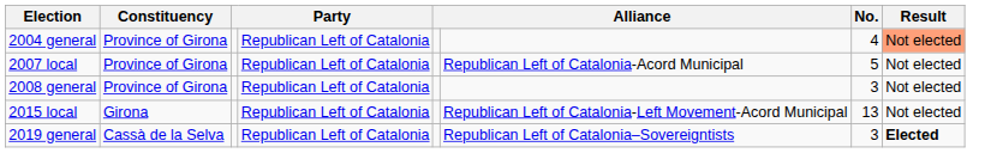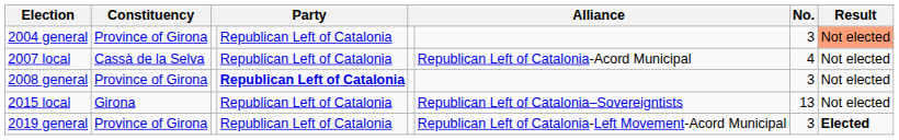 <table class="wikitable" style="text-align:left;">
 <tr>
 <th scope=col>Election</th>
 <th scope=col>Constituency</th>
 <th scope=col colspan="2">Party</th>
 <th scope=col colspan="2">Alliance</th>
 <th scope=col>No.</th>
 <th scope=col>Result</th>
 </tr>
 <tr>
 <td><a href='#'>2004 general</a></td>
 <td><a href='#'>Province of Girona</a></td>
 <td style="background:"></td>
 <td><a href='#'>Republican Left of Catalonia</a></td>
 <td></td>
 <td></td>
-<td align=right>4</td>
+<td align=right>3</td>
 <td style="background: lightsalmon;">Not elected</td>
 </tr>
 <tr>
 <td><a href='#'>2007 local</a></td>
-<td><a href='#'>Province of Girona</a></td>
+<td><a href='#'>Cassà de la Selva</a></td>
 <td style="background:"></td>
 <td><a href='#'>Republican Left of Catalonia</a></td>
 <td style="background:"></td>
 <td><a href='#'>Republican Left of Catalonia</a>-Acord Municipal</td>
-<td align=right>5</td>
+<td align=right>4</td>
 <td>Not elected</td>
 </tr>
 <tr>
 <td><a href='#'>2008 general</a></td>
 <td><a href='#'>Province of Girona</a></td>
 <td style="background:"></td>
-<td><a href='#'>Republican Left of Catalonia</a></td>
+<td><strong><a href='#'>Republican Left of Catalonia</a></strong></td>
 <td></td>
 <td></td>
 <td align=right>3</td>
 <td>Not elected</td>
 </tr>
 <tr>
 <td><a href='#'>2015 local</a></td>
 <td><a href='#'>Girona</a></td>
 <td style="background:"></td>
 <td><a href='#'>Republican Left of Catalonia</a></td>
 <td style="background:"></td>
-<td><a href='#'>Republican Left of Catalonia</a>-<a href='#'>Left Movement</a>-Acord Municipal</td>
+<td><a href='#'>Republican Left of Catalonia–Sovereigntists</a></td>
 <td align=right>13</td>
 <td>Not elected</td>
 </tr>
 <tr>
 <td><a href='#'>2019 general</a></td>
-<td><a href='#'>Cassà de la Selva</a></td>
+<td><a href='#'>Province of Girona</a></td>
 <td style="background:"></td>
 <td><a href='#'>Republican Left of Catalonia</a></td>
 <td style="background:"></td>
-<td><a href='#'>Republican Left of Catalonia–Sovereigntists</a></td>
+<td><a href='#'>Republican Left of Catalonia</a>-<a href='#'>Left Movement</a>-Acord Municipal</td>
 <td align=right>3</td>
 <td><strong>Elected</strong></td>
 </tr>
 </table>
